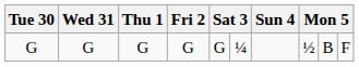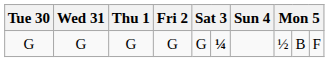 <table class="wikitable" style="margin:0.5em auto; font-size:90%; line-height:1.25em;">
 <tr>
 <th>Tue 30</th>
 <th>Wed 31</th>
 <th>Thu 1</th>
 <th>Fri 2</th>
 <th colspan="2">Sat 3</th>
 <th>Sun 4</th>
 <th colspan="3">Mon 5</th>
 </tr>
 <tr align="center">
 <td class="team-group">G</td>
 <td class="team-group">G</td>
 <td class="team-group">G</td>
 <td class="team-group">G</td>
 <td class="team-group">G</td>
-<td class="team-qf">¼</td>
+<td class="team-qf"><strong>¼</strong></td>
 <td></td>
 <td class="team-sf">½</td>
 <td class="team-bronze">B</td>
 <td class="team-final">F</td>
 </tr>
 </table>
